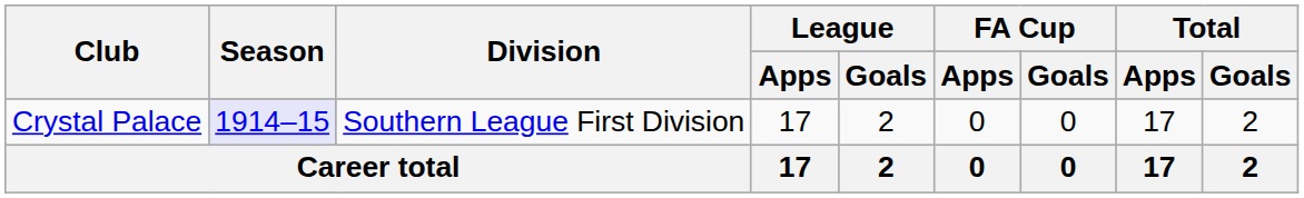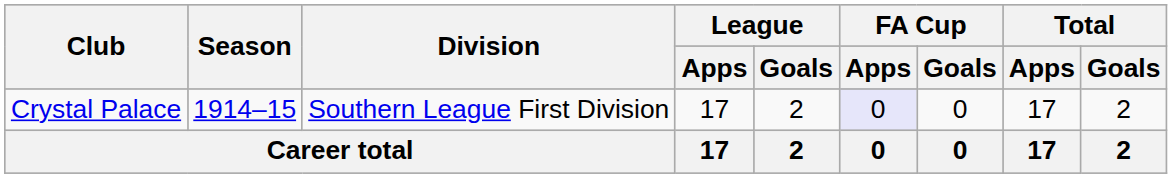 <table class="wikitable" style="text-align:center;">
 <tr>
 <th rowspan="2">Club</th>
 <th rowspan="2">Season</th>
 <th rowspan="2">Division</th>
 <th colspan="2">League</th>
 <th colspan="2">FA Cup</th>
 <th colspan="2">Total</th>
 </tr>
 <tr>
 <th>Apps</th>
 <th>Goals</th>
 <th>Apps</th>
 <th>Goals</th>
 <th>Apps</th>
 <th>Goals</th>
 </tr>
 <tr>
 <td><a href='#'>Crystal Palace</a></td>
-<td style="background: lavender;"><a href='#'>1914–15</a></td>
+<td><a href='#'>1914–15</a></td>
 <td><a href='#'>Southern League</a> First Division</td>
 <td>17</td>
 <td>2</td>
-<td>0</td>
+<td style="background: lavender;">0</td>
 <td>0</td>
 <td>17</td>
 <td>2</td>
 </tr>
 <tr>
 <th colspan="3">Career total</th>
 <th>17</th>
 <th>2</th>
 <th>0</th>
 <th>0</th>
 <th>17</th>
 <th>2</th>
 </tr>
 </table>
